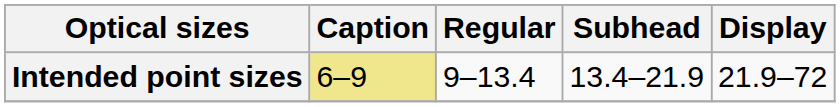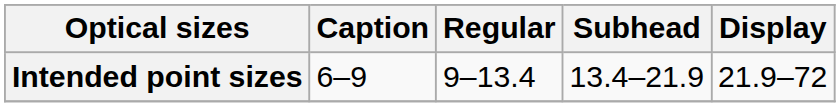 <table class="wikitable">
 <tr>
 <th>Optical sizes</th>
 <th>Caption</th>
 <th>Regular</th>
 <th>Subhead</th>
 <th>Display</th>
 </tr>
 <tr>
 <th>Intended point sizes</th>
-<td style="background: khaki;">6–9</td>
+<td>6–9</td>
 <td>9–13.4</td>
 <td>13.4–21.9</td>
 <td>21.9–72</td>
 </tr>
 <tr>
 </tr>
 </table>
